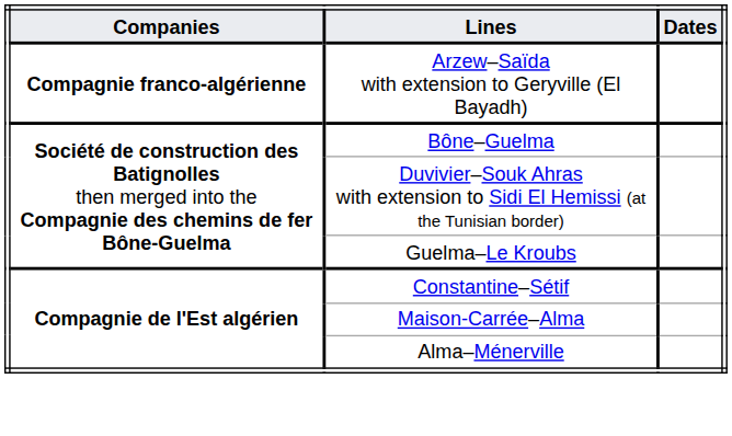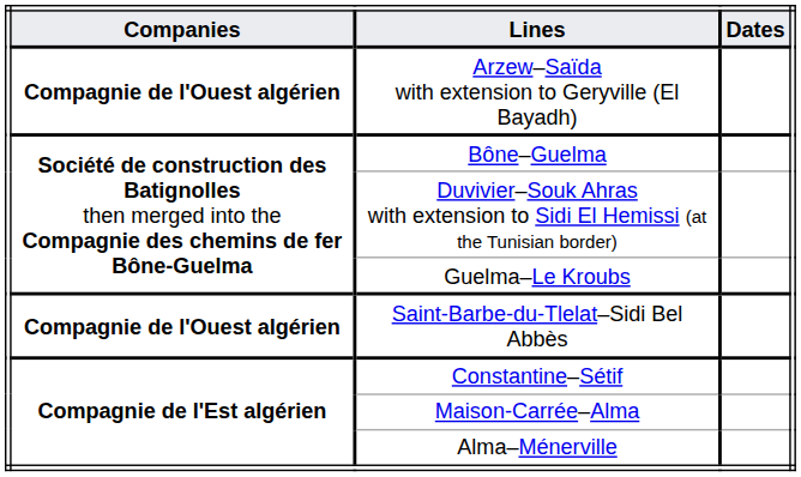 <table class="wikitable center" style="border:4px double black; text-align:center; background-color: white; font-size: 80% ; width:75%;">
 <tr style="background-color: #EAECF0;">
 <td style="border-right:2px solid black; "><strong>Companies</strong></td>
 <td style="border-right:2px solid black; "><strong>Lines</strong></td>
 <td style="border-right:2px solid black; "><strong>Dates</strong></td>
 </tr>
 <tr style="border-top :2px solid black;">
-<td rowspan="1"><strong>Compagnie franco-algérienne</strong></td>
+<td rowspan="1"><strong>Compagnie de l'Ouest algérien</strong></td>
 <td style="border-left :2px solid black;"><a href='#'>Arzew</a>–<a href='#'>Saïda</a><br>with extension to Geryville (El Bayadh)</td>
 <td style="border-left :2px solid black;"></td>
 </tr>
 <tr style="border-top :2px solid black;">
 <td rowspan="3"><strong>Société de construction des Batignolles</strong><br>then merged into the<br><strong>Compagnie des chemins de fer Bône-Guelma</strong></td>
 <td style="border-left :2px solid black;"><a href='#'>Bône</a>–<a href='#'>Guelma</a></td>
 <td style="border-left :2px solid black;"></td>
 </tr>
 <tr>
 <td style="border-left :2px solid black;"><a href='#'>Duvivier</a>–<a href='#'>Souk Ahras</a><br>with extension to <a href='#'>Sidi El Hemissi</a> <small>(at the Tunisian border)</small></td>
 <td style="border-left :2px solid black;"></td>
 </tr>
 <tr>
 <td style="border-left :2px solid black;">Guelma–<a href='#'>Le Kroubs</a></td>
 <td style="border-left :2px solid black;"></td>
 </tr>
 <tr style="border-top :2px solid black;">
+<td rowspan="1"><strong>Compagnie de l'Ouest algérien</strong></td>
+<td style="border-left :2px solid black;"><a href='#'>Saint-Barbe-du-Tlelat</a>–Sidi Bel Abbès</td>
+<td style="border-left :2px solid black;"></td>
+</tr>
+<tr style="border-top :2px solid black;">
 <td rowspan="3"><strong>Compagnie de l'Est algérien</strong></td>
 <td style="border-left :2px solid black;"><a href='#'>Constantine</a>–<a href='#'>Sétif</a></td>
 <td style="border-left :2px solid black;"></td>
 </tr>
 <tr>
 <td style="border-left :2px solid black;"><a href='#'>Maison-Carrée</a>–<a href='#'>Alma</a></td>
 <td style="border-left :2px solid black;"></td>
 </tr>
 <tr>
 <td style="border-left :2px solid black;">Alma–<a href='#'>Ménerville</a></td>
 <td style="border-left :2px solid black;"></td>
 </tr>
 </table>
